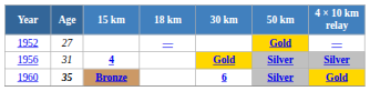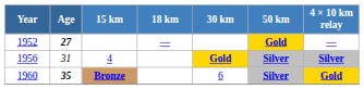 <table class="wikitable" style="font-size:95%; text-align:center; border:grey solid 1px; border-collapse:collapse; background:#ffffff;">
 <tr>
 <th style="background-color:#369; color:white; width:60px;"> Year </th>
 <th style="background-color:#369; color:white; width:40px;"> Age </th>
 <th style="background-color:#4180be; color:white; width:75px;"> 15 km </th>
 <th style="background-color:#4180be; color:white; width:75px;"> 18 km </th>
 <th style="background-color:#4180be; color:white; width:75px;"> 30 km </th>
 <th style="background-color:#4180be; color:white; width:75px;"> 50 km </th>
 <th style="background-color:#4180be; color:white; width:75px;"> 4 × 10 km <br> relay </th>
 </tr>
 <tr>
 <td><a href='#'>1952</a></td>
-<td><em>27</em></td>
+<td><strong><em>27</em></strong></td>
 <td></td>
 <td><a href='#'>—</a></td>
 <td></td>
 <td style="background:gold;"><a href='#'><strong>Gold</strong></a></td>
 <td><a href='#'>—</a></td>
 </tr>
 <tr>
 <td><a href='#'>1956</a></td>
 <td><em>31</em></td>
-<td><strong><a href='#'>4</a></strong></td>
+<td><a href='#'>4</a></td>
 <td></td>
 <td style="background:gold;"><a href='#'><strong>Gold</strong></a></td>
 <td style="background:silver;"><a href='#'><strong>Silver</strong></a></td>
 <td style="background:silver;"><a href='#'><strong>Silver</strong></a></td>
 </tr>
 <tr>
 <td><a href='#'>1960</a></td>
 <td><strong><em>35</em></strong></td>
 <td bgcolor="cc9966"><a href='#'><strong>Bronze</strong></a></td>
 <td></td>
-<td><strong><a href='#'>6</a></strong></td>
+<td><a href='#'>6</a></td>
 <td style="background:silver;"><a href='#'><strong>Silver</strong></a></td>
 <td style="background:gold;"><a href='#'><strong>Gold</strong></a></td>
 </tr>
 <tr>
 </tr>
 </table>
